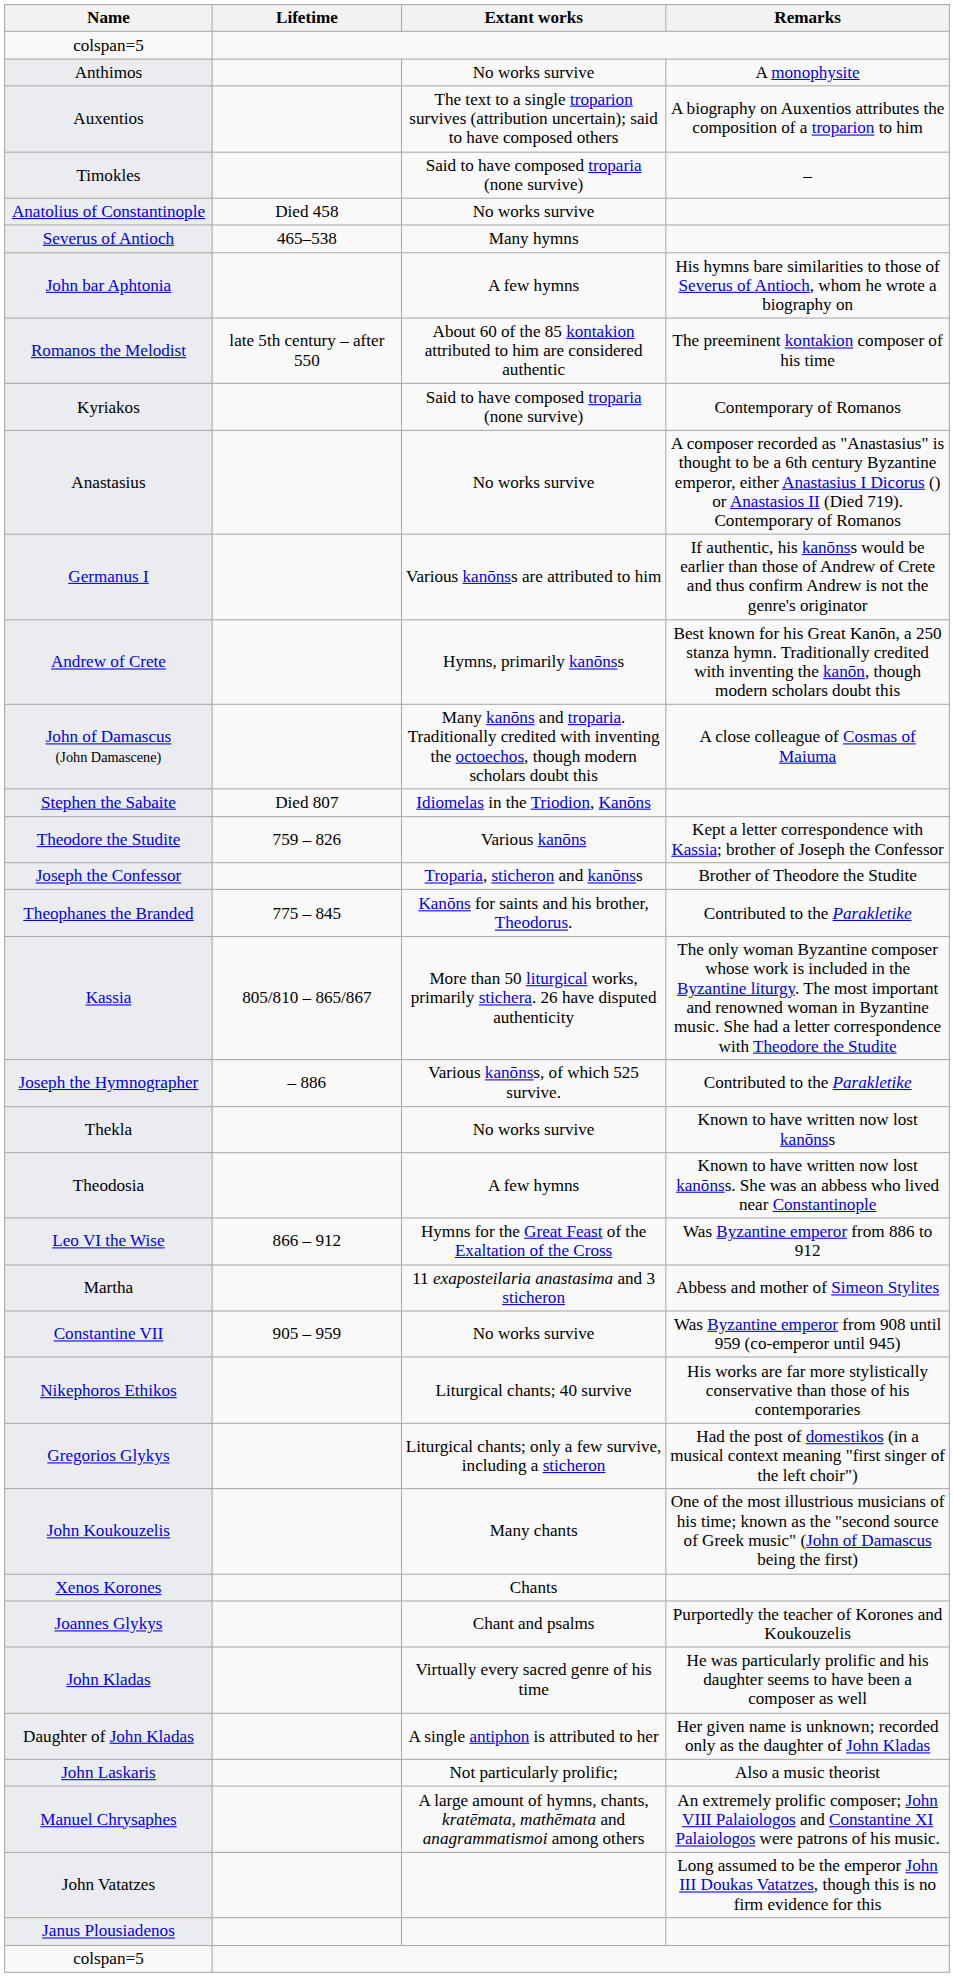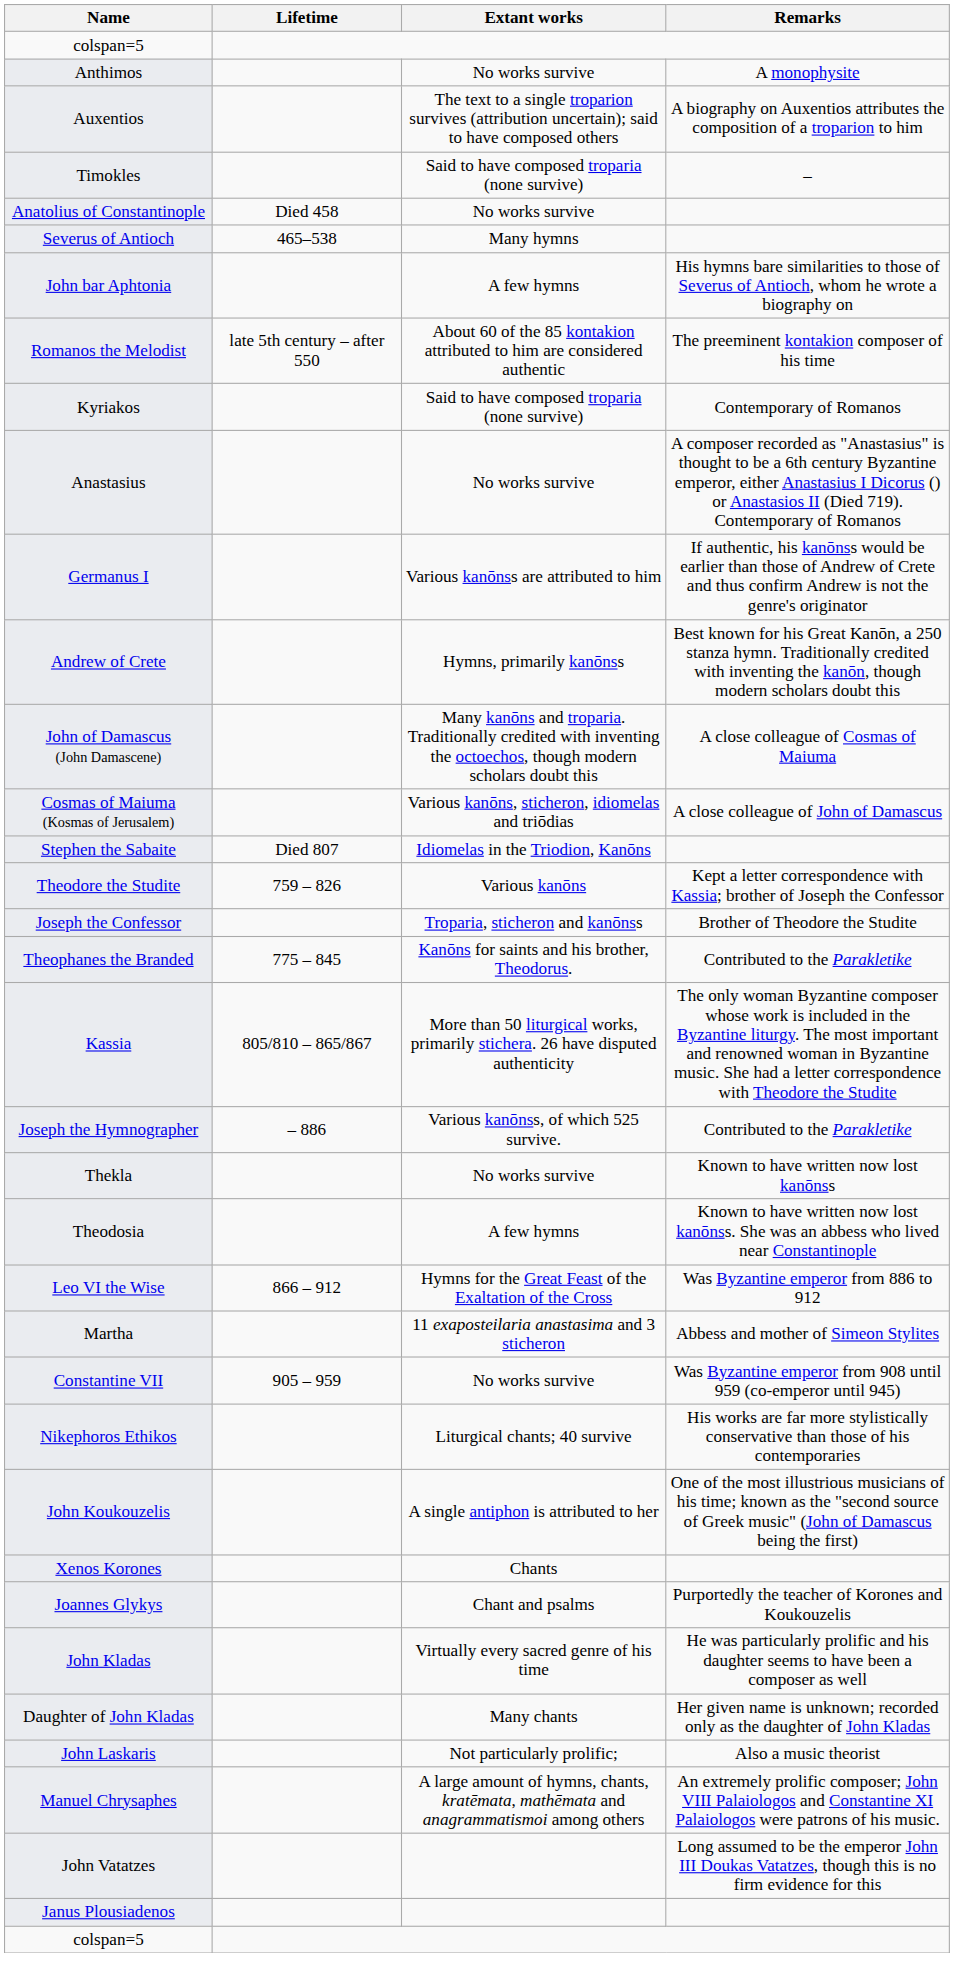 <table class="wikitable plainrowheaders" style="text-align:center; width:100%;">
 <tr>
 <th scope="col" width="22%">Name</th>
 <th scope="col" width="20%">Lifetime</th>
 <th scope="col" width="28%" class="unsortable">Extant works</th>
 <th scope="col" width="35%">Remarks</th>
 </tr>
 <tr align=center>
 <td>colspan=5 </td>
 </tr>
 <tr>
 <td style="background-color: #EAECF0">Anthimos</td>
 <td></td>
 <td>No works survive</td>
 <td>A <a href='#'>monophysite</a></td>
 </tr>
 <tr>
 <td style="background-color: #EAECF0">Auxentios</td>
 <td></td>
 <td>The text to a single <a href='#'>troparion</a> survives (attribution uncertain); said to have composed others</td>
 <td>A biography on Auxentios attributes the composition of a <a href='#'>troparion</a> to him</td>
 </tr>
 <tr>
 <td style="background-color: #EAECF0">Timokles</td>
 <td></td>
 <td>Said to have composed <a href='#'>troparia</a> (none survive)</td>
 <td>–</td>
 </tr>
 <tr>
 <td style="background-color: #EAECF0"><a href='#'>Anatolius of Constantinople</a></td>
 <td>Died 458</td>
 <td>No works survive</td>
 <td></td>
 </tr>
 <tr>
 <td style="background-color: #EAECF0"><a href='#'>Severus of Antioch</a></td>
 <td>465–538</td>
 <td>Many hymns</td>
 <td></td>
 </tr>
 <tr>
 <td style="background-color: #EAECF0"><a href='#'>John bar Aphtonia</a></td>
 <td></td>
 <td>A few hymns</td>
 <td>His hymns bare similarities to those of <a href='#'>Severus of Antioch</a>, whom he wrote a biography on</td>
 </tr>
 <tr>
 <td style="background-color: #EAECF0"><a href='#'>Romanos the Melodist</a></td>
 <td>late 5th century – after 550</td>
 <td>About 60 of the 85 <a href='#'>kontakion</a> attributed to him are considered authentic</td>
 <td>The preeminent <a href='#'>kontakion</a> composer of his time</td>
 </tr>
 <tr>
 <td style="background-color: #EAECF0">Kyriakos</td>
 <td></td>
 <td>Said to have composed <a href='#'>troparia</a> (none survive)</td>
 <td>Contemporary of Romanos</td>
 </tr>
 <tr>
 <td style="background-color: #EAECF0">Anastasius</td>
 <td></td>
 <td>No works survive</td>
 <td>A composer recorded as "Anastasius" is thought to be a 6th century Byzantine emperor, either <a href='#'>Anastasius I Dicorus</a> () or <a href='#'>Anastasios II</a> (Died 719). Contemporary of Romanos</td>
 </tr>
 <tr>
 <td style="background-color: #EAECF0"><a href='#'>Germanus I</a></td>
 <td></td>
 <td>Various <a href='#'>kanōns</a>s are attributed to him</td>
 <td>If authentic, his <a href='#'>kanōns</a>s would be earlier than those of Andrew of Crete and thus confirm Andrew is not the genre's originator</td>
 </tr>
 <tr>
 <td style="background-color: #EAECF0"><a href='#'>Andrew of Crete</a></td>
 <td></td>
 <td>Hymns, primarily <a href='#'>kanōns</a>s</td>
 <td>Best known for his Great Kanōn, a 250 stanza hymn. Traditionally credited with inventing the <a href='#'>kanōn</a>, though modern scholars doubt this</td>
 </tr>
 <tr>
 <td style="background-color: #EAECF0"><a href='#'>John of Damascus</a><br><small>(John Damascene)</small></td>
 <td></td>
 <td>Many <a href='#'>kanōns</a> and <a href='#'>troparia</a>. Traditionally credited with inventing the <a href='#'>octoechos</a>, though modern scholars doubt this</td>
 <td>A close colleague of <a href='#'>Cosmas of Maiuma</a></td>
 </tr>
 <tr>
+<td style="background-color: #EAECF0"><a href='#'>Cosmas of Maiuma</a><br><small>(Kosmas of Jerusalem)</small></td>
+<td></td>
+<td>Various <a href='#'>kanōns</a>, <a href='#'>sticheron</a>, <a href='#'>idiomelas</a> and triōdias</td>
+<td>A close colleague of <a href='#'>John of Damascus</a></td>
+</tr>
+<tr>
 <td style="background-color: #EAECF0"><a href='#'>Stephen the Sabaite</a></td>
 <td>Died 807</td>
 <td><a href='#'>Idiomelas</a> in the <a href='#'>Triodion</a>, <a href='#'>Kanōns</a></td>
 <td></td>
 </tr>
 <tr>
 <td style="background-color: #EAECF0"><a href='#'>Theodore the Studite</a></td>
 <td>759 – 826</td>
 <td>Various <a href='#'>kanōns</a></td>
 <td>Kept a letter correspondence with <a href='#'>Kassia</a>; brother of Joseph the Confessor</td>
 </tr>
 <tr>
 <td style="background-color: #EAECF0"><a href='#'>Joseph the Confessor</a></td>
 <td></td>
 <td><a href='#'>Troparia</a>, <a href='#'>sticheron</a> and <a href='#'>kanōns</a>s</td>
 <td>Brother of Theodore the Studite</td>
 </tr>
 <tr>
 <td style="background-color: #EAECF0"><a href='#'>Theophanes the Branded</a></td>
 <td>775 – 845</td>
 <td><a href='#'>Kanōns</a> for saints and his brother, <a href='#'>Theodorus</a>.</td>
 <td>Contributed to the <em><a href='#'>Parakletike</a></em></td>
 </tr>
 <tr>
 <td style="background-color: #EAECF0"><a href='#'>Kassia</a></td>
 <td>805/810 – 865/867</td>
 <td>More than 50 <a href='#'>liturgical</a> works, primarily <a href='#'>stichera</a>. 26 have disputed authenticity</td>
 <td>The only woman Byzantine composer whose work is included in the <a href='#'>Byzantine liturgy</a>. The most important and renowned woman in Byzantine music. She had a letter correspondence with <a href='#'>Theodore the Studite</a></td>
 </tr>
 <tr>
 <td style="background-color: #EAECF0"><a href='#'>Joseph the Hymnographer</a></td>
 <td> – 886</td>
 <td>Various <a href='#'>kanōns</a>s, of which 525 survive.</td>
 <td>Contributed to the <em><a href='#'>Parakletike</a></em></td>
 </tr>
 <tr>
 <td style="background-color: #EAECF0">Thekla</td>
 <td></td>
 <td>No works survive</td>
 <td>Known to have written now lost <a href='#'>kanōns</a>s</td>
 </tr>
 <tr>
 <td style="background-color: #EAECF0">Theodosia</td>
 <td></td>
 <td>A few hymns</td>
 <td>Known to have written now lost <a href='#'>kanōns</a>s. She was an abbess who lived near <a href='#'>Constantinople</a></td>
 </tr>
 <tr>
 <td style="background-color: #EAECF0"><a href='#'>Leo VI the Wise</a></td>
 <td>866 – 912</td>
 <td>Hymns for the <a href='#'>Great Feast</a> of the <a href='#'>Exaltation of the Cross</a></td>
 <td>Was <a href='#'>Byzantine emperor</a> from 886 to 912</td>
 </tr>
 <tr>
 <td style="background-color: #EAECF0">Martha</td>
 <td></td>
 <td>11 <em>exaposteilaria anastasima</em> and 3 <a href='#'>sticheron</a></td>
 <td>Abbess and mother of <a href='#'>Simeon Stylites</a></td>
 </tr>
 <tr>
 <td style="background-color: #EAECF0"><a href='#'>Constantine VII</a></td>
 <td>905 – 959</td>
 <td>No works survive</td>
 <td>Was <a href='#'>Byzantine emperor</a> from 908 until 959 (co-emperor until 945)</td>
 </tr>
 <tr>
 <td style="background-color: #EAECF0"><a href='#'>Nikephoros Ethikos</a></td>
 <td></td>
 <td>Liturgical chants; 40 survive</td>
 <td>His works are far more stylistically conservative than those of his contemporaries</td>
 </tr>
 <tr>
-<td style="background-color: #EAECF0"><a href='#'>Gregorios Glykys</a></td>
-<td></td>
-<td>Liturgical chants; only a few survive, including a <a href='#'>sticheron</a></td>
-<td>Had the post of <a href='#'>domestikos</a> (in a musical context meaning "first singer of the left choir")</td>
-</tr>
-<tr>
 <td style="background-color: #EAECF0"><a href='#'>John Koukouzelis</a></td>
 <td></td>
-<td>Many chants</td>
+<td>A single <a href='#'>antiphon</a> is attributed to her</td>
 <td>One of the most illustrious musicians of his time; known as the "second source of Greek music" (<a href='#'>John of Damascus</a> being the first)</td>
 </tr>
 <tr>
 <td style="background-color: #EAECF0"><a href='#'>Xenos Korones</a></td>
 <td></td>
 <td>Chants</td>
 <td></td>
 </tr>
 <tr>
 <td style="background-color: #EAECF0"><a href='#'>Joannes Glykys</a></td>
 <td></td>
 <td>Chant and psalms</td>
 <td>Purportedly the teacher of Korones and Koukouzelis</td>
 </tr>
 <tr>
 <td style="background-color: #EAECF0"><a href='#'>John Kladas</a></td>
 <td></td>
 <td>Virtually every sacred genre of his time</td>
 <td>He was particularly prolific and his daughter seems to have been a composer as well</td>
 </tr>
 <tr>
 <td style="background-color: #EAECF0">Daughter of <a href='#'>John Kladas</a></td>
 <td></td>
-<td>A single <a href='#'>antiphon</a> is attributed to her</td>
+<td>Many chants</td>
 <td>Her given name is unknown; recorded only as the daughter of <a href='#'>John Kladas</a></td>
 </tr>
 <tr>
 <td style="background-color: #EAECF0"><a href='#'>John Laskaris</a></td>
 <td></td>
 <td>Not particularly prolific;</td>
 <td>Also a music theorist</td>
 </tr>
 <tr>
 <td style="background-color: #EAECF0"><a href='#'>Manuel Chrysaphes</a></td>
 <td></td>
 <td>A large amount of hymns, chants, <em>kratēmata</em>, <em>mathēmata</em> and <em>anagrammatismoi</em> among others</td>
 <td>An extremely prolific composer; <a href='#'>John VIII Palaiologos</a> and <a href='#'>Constantine XI Palaiologos</a> were patrons of his music.</td>
 </tr>
 <tr>
 <td style="background-color: #EAECF0">John Vatatzes</td>
 <td></td>
 <td></td>
 <td>Long assumed to be the emperor <a href='#'>John III Doukas Vatatzes</a>, though this is no firm evidence for this</td>
 </tr>
 <tr>
 <td style="background-color: #EAECF0"><a href='#'>Janus Plousiadenos</a></td>
 <td></td>
 <td></td>
 <td></td>
 </tr>
 <tr align=center>
 <td>colspan=5 </td>
 </tr>
 </table>
